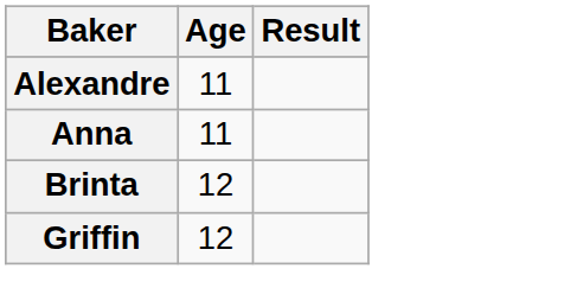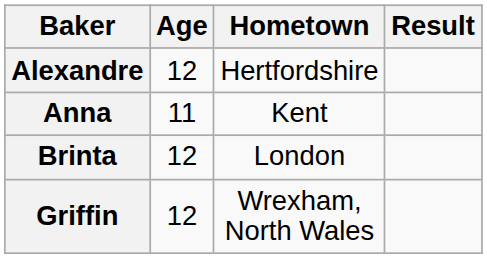 <table class="wikitable sortable" style="display:inline-table; text-align:center">
 <tr>
 <th scope="col">Baker</th>
 <th scope="col">Age</th>
+<th scope="col">Hometown</th>
 <th scope="col">Result</th>
 </tr>
 <tr>
 <th scope="row">Alexandre</th>
-<td>11</td>
+<td>12</td>
+<td>Hertfordshire</td>
 <td></td>
 </tr>
 <tr>
 <th scope="row">Anna</th>
 <td>11</td>
+<td>Kent</td>
 <td></td>
 </tr>
 <tr>
 <th scope="row">Brinta</th>
 <td>12</td>
+<td>London</td>
 <td></td>
 </tr>
 <tr>
 <th scope="row">Griffin</th>
 <td>12</td>
+<td>Wrexham,<br>North Wales</td>
 <td></td>
 </tr>
 </table>
